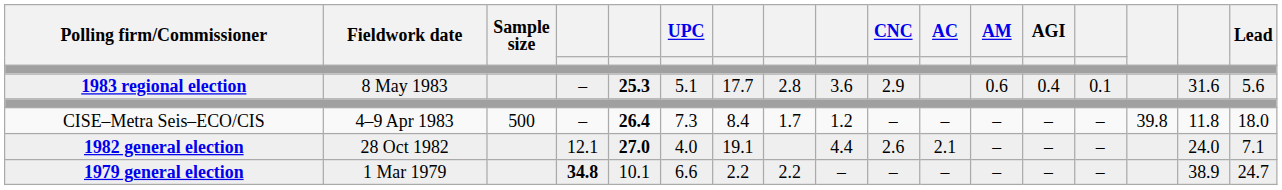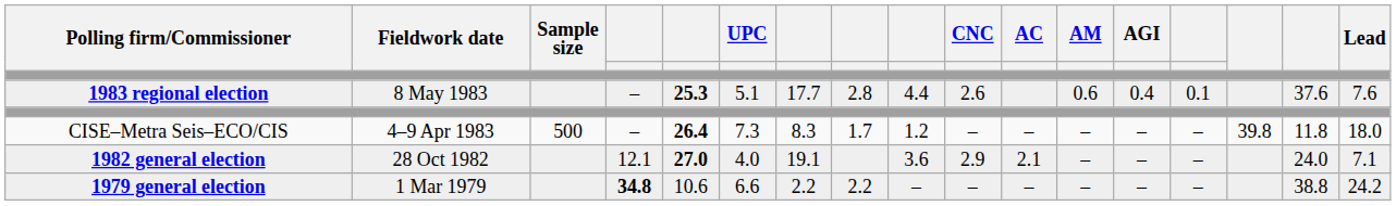 <table class="wikitable collapsible collapsed" style="text-align:center; font-size:90%; line-height:14px;">
 <tr style="height:42px;">
 <th style="width:250px;" rowspan="2">Polling firm/Commissioner</th>
 <th style="width:125px;" rowspan="2">Fieldwork date</th>
 <th style="width:50px;" rowspan="2">Sample size</th>
 <th style="width:35px;"></th>
 <th style="width:35px;"></th>
 <th style="width:35px;"><a href='#'>UPC</a></th>
 <th style="width:35px;"></th>
 <th style="width:35px;"></th>
 <th style="width:35px;"></th>
 <th style="width:35px;"><a href='#'>CNC</a></th>
 <th style="width:35px;"><a href='#'>AC</a></th>
 <th style="width:35px;"><a href='#'>AM</a></th>
 <th style="width:35px;">AGI</th>
 <th style="width:35px;"></th>
 <th style="width:35px;" rowspan="2"></th>
 <th style="width:35px;" rowspan="2"></th>
 <th style="width:30px;" rowspan="2">Lead</th>
 </tr>
 <tr>
 <th style="color:inherit;background:"></th>
 <th style="color:inherit;background:"></th>
 <th style="color:inherit;background:"></th>
 <th style="color:inherit;background:"></th>
 <th style="color:inherit;background:"></th>
 <th style="color:inherit;background:"></th>
 <th style="color:inherit;background:"></th>
 <th style="color:inherit;background:"></th>
 <th style="color:inherit;background:"></th>
 <th style="color:inherit;background:"></th>
 <th style="color:inherit;background:"></th>
 </tr>
 <tr>
 <td colspan="18" style="background:#A0A0A0"></td>
 </tr>
 <tr style="background:#EFEFEF;">
 <td><strong><a href='#'>1983 regional election</a></strong></td>
 <td>8 May 1983</td>
 <td></td>
 <td>–</td>
 <td><strong>25.3</strong></td>
 <td>5.1</td>
 <td>17.7</td>
 <td>2.8</td>
-<td>3.6</td>
-<td>2.9</td>
+<td>4.4</td>
+<td>2.6</td>
 <td></td>
 <td>0.6</td>
 <td>0.4</td>
 <td>0.1</td>
 <td></td>
-<td>31.6</td>
-<td style="background:">5.6</td>
+<td>37.6</td>
+<td style="background:">7.6</td>
 </tr>
 <tr>
 <td colspan="18" style="background:#A0A0A0"></td>
 </tr>
 <tr>
 <td>CISE–Metra Seis–ECO/CIS</td>
 <td>4–9 Apr 1983</td>
 <td>500</td>
 <td>–</td>
 <td><strong>26.4</strong></td>
 <td>7.3</td>
-<td>8.4</td>
+<td>8.3</td>
 <td>1.7</td>
 <td>1.2</td>
 <td>–</td>
 <td>–</td>
 <td>–</td>
 <td>–</td>
 <td>–</td>
 <td>39.8</td>
 <td>11.8</td>
 <td style="background:">18.0</td>
 </tr>
 <tr style="background:#EFEFEF;">
 <td><strong><a href='#'>1982 general election</a></strong></td>
 <td>28 Oct 1982</td>
 <td></td>
 <td>12.1</td>
 <td><strong>27.0</strong></td>
 <td>4.0</td>
 <td>19.1</td>
 <td></td>
-<td>4.4</td>
-<td>2.6</td>
+<td>3.6</td>
+<td>2.9</td>
 <td>2.1</td>
 <td>–</td>
 <td>–</td>
 <td>–</td>
 <td></td>
 <td>24.0</td>
 <td style="background:">7.1</td>
 </tr>
 <tr style="background:#EFEFEF;">
 <td><strong><a href='#'>1979 general election</a></strong></td>
 <td>1 Mar 1979</td>
 <td></td>
 <td><strong>34.8</strong></td>
-<td>10.1</td>
+<td>10.6</td>
 <td>6.6</td>
 <td>2.2</td>
 <td>2.2</td>
 <td>–</td>
 <td>–</td>
 <td>–</td>
 <td>–</td>
 <td>–</td>
 <td>–</td>
 <td></td>
-<td>38.9</td>
-<td style="background:">24.7</td>
+<td>38.8</td>
+<td style="background:">24.2</td>
 </tr>
 </table>
